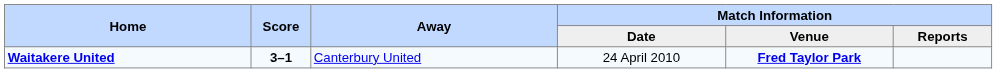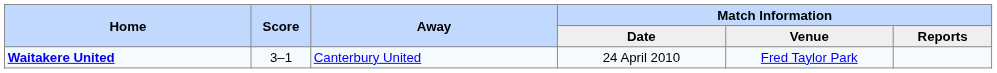 <table border=1 style="border-collapse:collapse; font-size:90%; text-align:center;" cellpadding=3 cellspacing=0 width=85%>
 <tr bgcolor=#C1D8FF>
 <th rowspan=2 width=25%>Home</th>
 <th rowspan=2 width=6%>Score</th>
 <th rowspan=2 width=25%>Away</th>
 <th colspan=6>Match Information</th>
 </tr>
 <tr bgcolor=#EFEFEF>
 <th width=17%>Date</th>
 <th width=17%>Venue</th>
 <th width=10%>Reports</th>
 </tr>
 <tr bgcolor=#F5FAFF>
 <td align=left> <strong><a href='#'>Waitakere United</a></strong></td>
-<td><strong>3–1</strong></td>
+<td>3–1</td>
 <td align=left> <a href='#'>Canterbury United</a></td>
 <td>24 April 2010</td>
-<td><strong><a href='#'>Fred Taylor Park</a></strong></td>
+<td><a href='#'>Fred Taylor Park</a></td>
 <td></td>
 </tr>
 </table>
